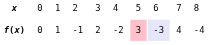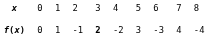 <table cellpadding="8">
 <tr>
 <th><em>x</em></th>
 <td>0</td>
 <td>1</td>
 <td>2</td>
 <td>3</td>
 <td>4</td>
 <td>5</td>
 <td>6</td>
 <td>7</td>
 <td>8</td>
 </tr>
 <tr>
 <th><em>f</em>(<em>x</em>)</th>
 <td>0</td>
 <td>1</td>
 <td>-1</td>
-<td>2</td>
+<td><strong>2</strong></td>
 <td>-2</td>
-<td style="background: pink;">3</td>
-<td style="background: lavender;">-3</td>
+<td>3</td>
+<td>-3</td>
 <td>4</td>
 <td>-4</td>
 </tr>
 </table>
